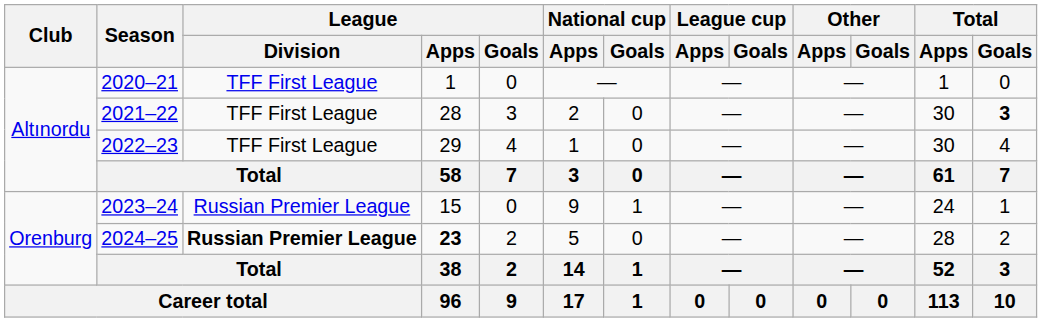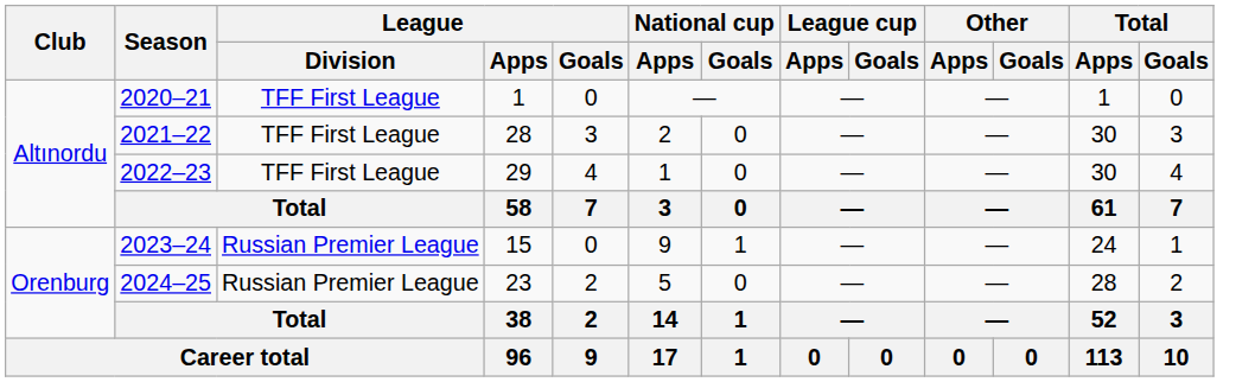 <table class="wikitable" style="text-align: center;">
 <tr>
 <th rowspan="2">Club</th>
 <th rowspan="2">Season</th>
 <th colspan="3">League</th>
 <th colspan="2">National cup</th>
 <th colspan="2">League cup</th>
 <th colspan="2">Other</th>
 <th colspan="2">Total</th>
 </tr>
 <tr>
 <th>Division</th>
 <th>Apps</th>
 <th>Goals</th>
 <th>Apps</th>
 <th>Goals</th>
 <th>Apps</th>
 <th>Goals</th>
 <th>Apps</th>
 <th>Goals</th>
 <th>Apps</th>
 <th>Goals</th>
 </tr>
 <tr>
 <td rowspan="4"><a href='#'>Altınordu</a></td>
 <td><a href='#'>2020–21</a></td>
 <td><a href='#'>TFF First League</a></td>
 <td>1</td>
 <td>0</td>
 <td colspan="2">—</td>
 <td colspan="2">—</td>
 <td colspan="2">—</td>
 <td>1</td>
 <td>0</td>
 </tr>
 <tr>
 <td><a href='#'>2021–22</a></td>
 <td>TFF First League</td>
 <td>28</td>
 <td>3</td>
 <td>2</td>
 <td>0</td>
 <td colspan="2">—</td>
 <td colspan="2">—</td>
 <td>30</td>
-<td><strong>3</strong></td>
+<td>3</td>
 </tr>
 <tr>
 <td><a href='#'>2022–23</a></td>
 <td>TFF First League</td>
 <td>29</td>
 <td>4</td>
 <td>1</td>
 <td>0</td>
 <td colspan="2">—</td>
 <td colspan="2">—</td>
 <td>30</td>
 <td>4</td>
 </tr>
 <tr>
 <th colspan="2">Total</th>
 <th>58</th>
 <th>7</th>
 <th>3</th>
 <th>0</th>
 <th colspan="2">—</th>
 <th colspan="2">—</th>
 <th>61</th>
 <th>7</th>
 </tr>
 <tr>
 <td rowspan="3"><a href='#'>Orenburg</a></td>
 <td><a href='#'>2023–24</a></td>
 <td><a href='#'>Russian Premier League</a></td>
 <td>15</td>
 <td>0</td>
 <td>9</td>
 <td>1</td>
 <td colspan="2">—</td>
 <td colspan="2">—</td>
 <td>24</td>
 <td>1</td>
 </tr>
 <tr>
 <td><a href='#'>2024–25</a></td>
-<td><strong>Russian Premier League</strong></td>
-<td><strong>23</strong></td>
+<td>Russian Premier League</td>
+<td>23</td>
 <td>2</td>
 <td>5</td>
 <td>0</td>
 <td colspan="2">—</td>
 <td colspan="2">—</td>
 <td>28</td>
 <td>2</td>
 </tr>
 <tr>
 <th colspan="2">Total</th>
 <th>38</th>
 <th>2</th>
 <th>14</th>
 <th>1</th>
 <th colspan="2">—</th>
 <th colspan="2">—</th>
 <th>52</th>
 <th>3</th>
 </tr>
 <tr>
 <th colspan="3">Career total</th>
 <th>96</th>
 <th>9</th>
 <th>17</th>
 <th>1</th>
 <th>0</th>
 <th>0</th>
 <th>0</th>
 <th>0</th>
 <th>113</th>
 <th>10</th>
 </tr>
 </table>
